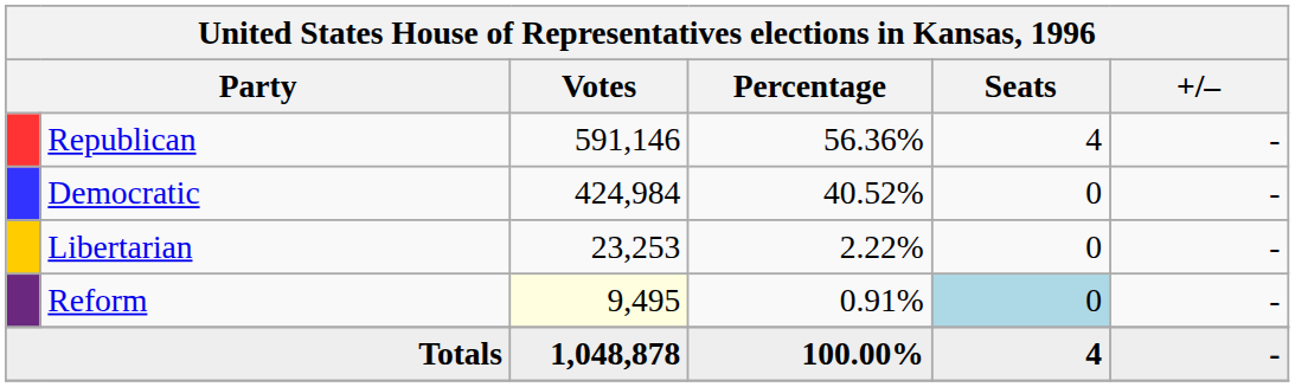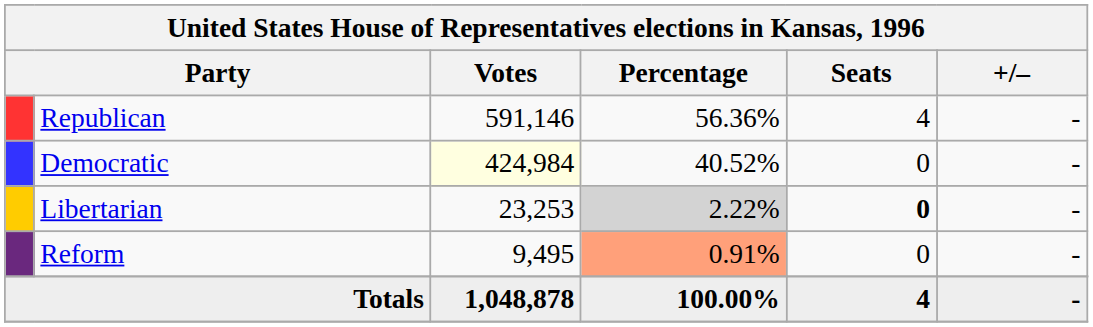 <table class="wikitable" style="font-size: 95%;">
 <tr>
 <th colspan="6">United States House of Representatives elections in Kansas, 1996</th>
 </tr>
 <tr>
 <th colspan=2 style="width: 15em">Party</th>
 <th style="width: 5em">Votes</th>
 <th style="width: 7em">Percentage</th>
 <th style="width: 5em">Seats</th>
 <th style="width: 5em">+/–</th>
 </tr>
 <tr>
 <th style="background-color:#FF3333; width: 3px"></th>
 <td style="width: 130px"><a href='#'>Republican</a></td>
 <td align="right">591,146</td>
 <td align="right">56.36%</td>
 <td align="right">4</td>
 <td align="right">-</td>
 </tr>
 <tr>
 <th style="background-color:#3333FF; width: 3px"></th>
 <td style="width: 130px"><a href='#'>Democratic</a></td>
-<td align="right">424,984</td>
+<td align="right" style="background: lightyellow;">424,984</td>
 <td align="right">40.52%</td>
 <td align="right">0</td>
 <td align="right">-</td>
 </tr>
 <tr>
 <th style="background-color:#FFCC00; width: 3px"></th>
 <td style="width: 130px"><a href='#'>Libertarian</a></td>
 <td align="right">23,253</td>
-<td align="right">2.22%</td>
-<td align="right">0</td>
+<td align="right" style="background: lightgrey;">2.22%</td>
+<td align="right"><strong>0</strong></td>
 <td align="right">-</td>
 </tr>
 <tr>
 <th style="background-color:#6A287E; width: 3px"></th>
 <td style="width: 130px"><a href='#'>Reform</a></td>
-<td align="right" style="background: lightyellow;">9,495</td>
-<td align="right">0.91%</td>
-<td align="right" style="background: lightblue;">0</td>
+<td align="right">9,495</td>
+<td align="right" style="background: lightsalmon;">0.91%</td>
+<td align="right">0</td>
 <td align="right">-</td>
 </tr>
 <tr>
 </tr>
 <tr bgcolor="#EEEEEE">
 <td colspan="2" align="right"><strong>Totals</strong></td>
 <td align="right"><strong>1,048,878</strong></td>
 <td align="right"><strong>100.00%</strong></td>
 <td align="right"><strong>4</strong></td>
 <td align="right"><strong>-</strong></td>
 </tr>
 <tr bgcolor="#EEEEEE">
 </tr>
 </table>
